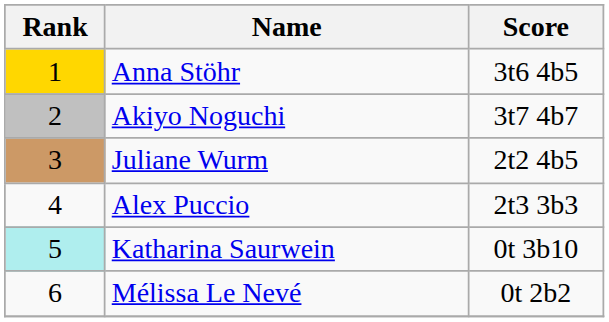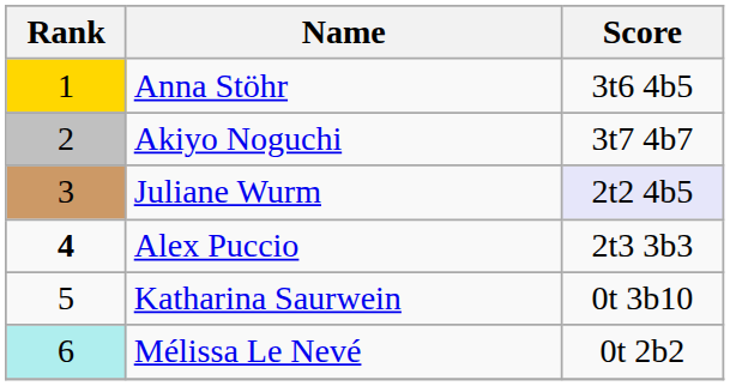 <table class="wikitable">
 <tr>
 <th width = "50">Rank</th>
 <th width = "200">Name</th>
 <th width = "70">Score</th>
 </tr>
 <tr>
 <td align="center" style="background: gold">1</td>
 <td> <a href='#'>Anna Stöhr</a></td>
 <td align="center">3t6 4b5</td>
 </tr>
 <tr>
 <td align="center" style="background: silver">2</td>
 <td> <a href='#'>Akiyo Noguchi</a></td>
 <td align="center">3t7 4b7</td>
 </tr>
 <tr>
 <td align="center" style="background: #cc9966">3</td>
 <td> <a href='#'>Juliane Wurm</a></td>
-<td align="center">2t2 4b5</td>
+<td align="center" style="background: lavender;">2t2 4b5</td>
 </tr>
 <tr>
-<td align="center">4</td>
+<td align="center"><strong>4</strong></td>
 <td> <a href='#'>Alex Puccio</a></td>
 <td align="center">2t3 3b3</td>
 </tr>
 <tr>
-<td align="center" style="background: paleturquoise;">5</td>
+<td align="center">5</td>
 <td> <a href='#'>Katharina Saurwein</a></td>
 <td align="center">0t 3b10</td>
 </tr>
 <tr>
-<td align="center">6</td>
+<td align="center" style="background: paleturquoise;">6</td>
 <td> <a href='#'>Mélissa Le Nevé</a></td>
 <td align="center">0t 2b2</td>
 </tr>
 <tr>
 </tr>
 </table>
